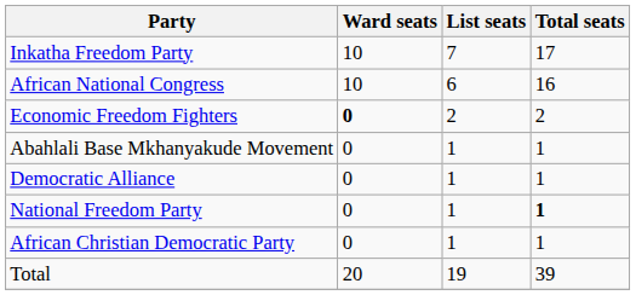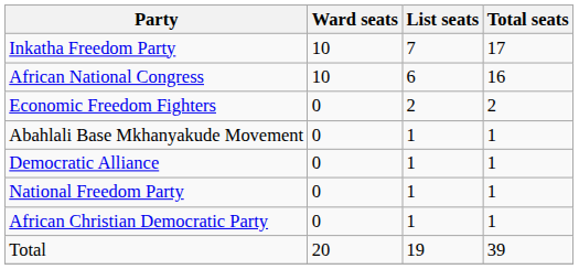 <table class="wikitable">
 <tr>
 <th>Party</th>
 <th>Ward seats</th>
 <th>List seats</th>
 <th>Total seats</th>
 </tr>
 <tr>
 <td><a href='#'>Inkatha Freedom Party</a></td>
 <td>10</td>
 <td>7</td>
 <td>17</td>
 </tr>
 <tr>
 <td><a href='#'>African National Congress</a></td>
 <td>10</td>
 <td>6</td>
 <td>16</td>
 </tr>
 <tr>
 <td><a href='#'>Economic Freedom Fighters</a></td>
-<td><strong>0</strong></td>
+<td>0</td>
 <td>2</td>
 <td>2</td>
 </tr>
 <tr>
 <td>Abahlali Base Mkhanyakude Movement</td>
 <td>0</td>
 <td>1</td>
 <td>1</td>
 </tr>
 <tr>
 <td><a href='#'>Democratic Alliance</a></td>
 <td>0</td>
 <td>1</td>
 <td>1</td>
 </tr>
 <tr>
 <td><a href='#'>National Freedom Party</a></td>
 <td>0</td>
 <td>1</td>
-<td><strong>1</strong></td>
+<td>1</td>
 </tr>
 <tr>
 <td><a href='#'>African Christian Democratic Party</a></td>
 <td>0</td>
 <td>1</td>
 <td>1</td>
 </tr>
 <tr>
 <td>Total</td>
 <td>20</td>
 <td>19</td>
 <td>39</td>
 </tr>
 <tr>
 </tr>
 </table>
